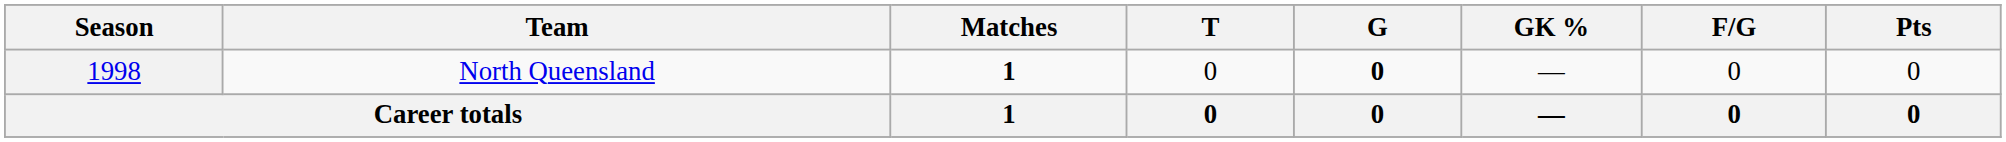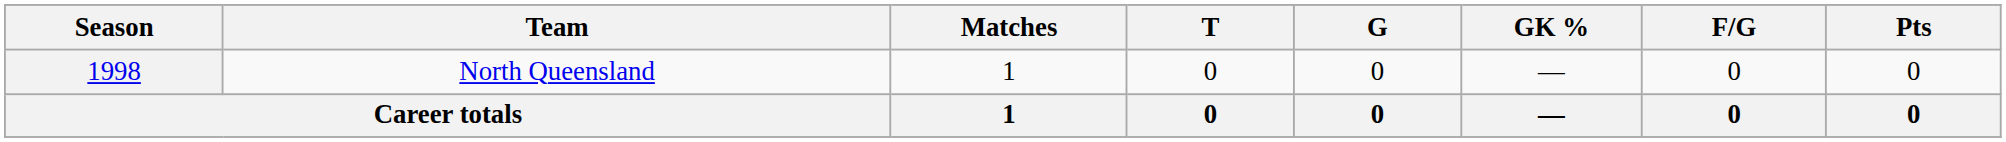 <table class="wikitable sortable"  style="font-size:90%; text-align:center; width:85%;">
 <tr>
 <th width=2%>Season</th>
 <th width=8%>Team</th>
 <th width=2%>Matches</th>
 <th width=2%>T</th>
 <th width=2%>G</th>
 <th width=2%>GK %</th>
 <th width=2%>F/G</th>
 <th width=2%>Pts</th>
 </tr>
 <tr>
 <th scope="row" style="text-align:center; font-weight:normal"><a href='#'>1998</a></th>
 <td style="text-align:center;"> <a href='#'>North Queensland</a></td>
-<td><strong>1</strong></td>
+<td>1</td>
 <td>0</td>
-<td><strong>0</strong></td>
+<td>0</td>
 <td>—</td>
 <td>0</td>
 <td>0</td>
 </tr>
 <tr class="sortbottom">
 <th colspan=2>Career totals</th>
 <th>1</th>
 <th>0</th>
 <th>0</th>
 <th>—</th>
 <th>0</th>
 <th>0</th>
 </tr>
 </table>
